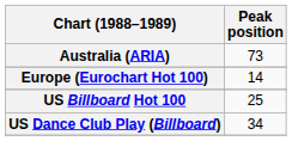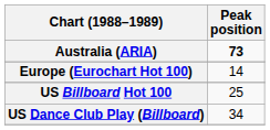 <table class="wikitable sortable plainrowheaders" style="text-align:center">
 <tr>
 <th>Chart (1988–1989)</th>
 <th>Peak<br>position</th>
 </tr>
 <tr>
 <th scope="row">Australia (<a href='#'>ARIA</a>)</th>
-<td>73</td>
+<td><strong>73</strong></td>
 </tr>
 <tr>
 </tr>
 <tr>
 </tr>
 <tr>
 <th scope="row">Europe (<a href='#'>Eurochart Hot 100</a>)</th>
 <td>14</td>
 </tr>
 <tr>
 </tr>
 <tr>
 </tr>
 <tr>
 </tr>
 <tr>
 </tr>
 <tr>
 <th scope="row">US <em><a href='#'>Billboard</a></em> <a href='#'>Hot 100</a></th>
 <td>25</td>
 </tr>
 <tr>
 <th scope="row">US <a href='#'>Dance Club Play</a> (<em><a href='#'>Billboard</a></em>)</th>
 <td>34</td>
 </tr>
 <tr>
 </tr>
 </table>
